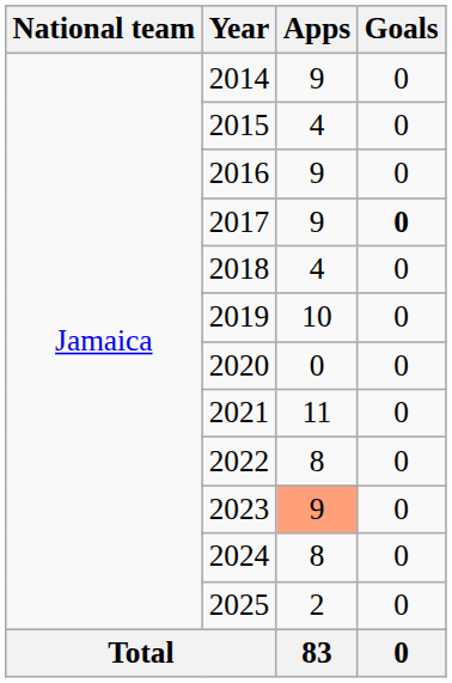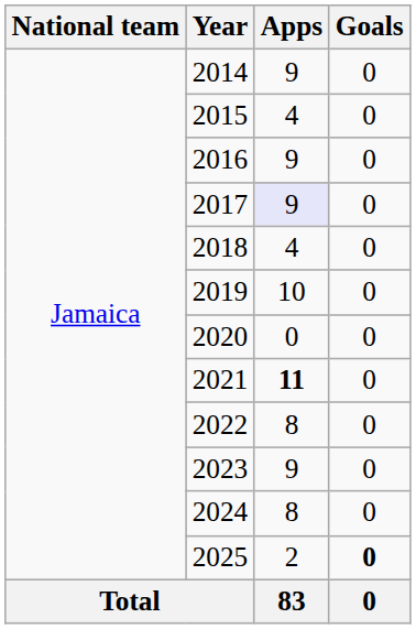 <table class="wikitable" style="text-align:center">
 <tr>
 <th>National team</th>
 <th>Year</th>
 <th>Apps</th>
 <th>Goals</th>
 </tr>
 <tr>
 <td rowspan="12"><a href='#'>Jamaica</a></td>
 <td>2014</td>
 <td>9</td>
 <td>0</td>
 </tr>
 <tr>
 <td>2015</td>
 <td>4</td>
 <td>0</td>
 </tr>
 <tr>
 <td>2016</td>
 <td>9</td>
 <td>0</td>
 </tr>
 <tr>
 <td>2017</td>
-<td>9</td>
-<td><strong>0</strong></td>
+<td style="background: lavender;">9</td>
+<td>0</td>
 </tr>
 <tr>
 <td>2018</td>
 <td>4</td>
 <td>0</td>
 </tr>
 <tr>
 <td>2019</td>
 <td>10</td>
 <td>0</td>
 </tr>
 <tr>
 <td>2020</td>
 <td>0</td>
 <td>0</td>
 </tr>
 <tr>
 <td>2021</td>
-<td>11</td>
+<td><strong>11</strong></td>
 <td>0</td>
 </tr>
 <tr>
 <td>2022</td>
 <td>8</td>
 <td>0</td>
 </tr>
 <tr>
 <td>2023</td>
-<td style="background: lightsalmon;">9</td>
+<td>9</td>
 <td>0</td>
 </tr>
 <tr>
 <td>2024</td>
 <td>8</td>
 <td>0</td>
 </tr>
 <tr>
 <td>2025</td>
 <td>2</td>
-<td>0</td>
+<td><strong>0</strong></td>
 </tr>
 <tr>
 <th colspan="2">Total</th>
 <th>83</th>
 <th>0</th>
 </tr>
 </table>
